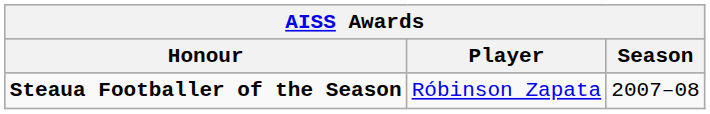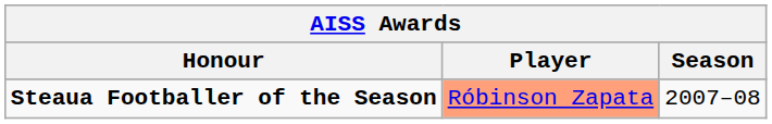 <table class="wikitable" align=center>
 <tr>
 <th Colspan=3><a href='#'>AISS</a> Awards</th>
 </tr>
 <tr>
 <th Align=Left>Honour</th>
 <th Align=Left>Player</th>
 <th Align=Left>Season</th>
 </tr>
 <tr>
 <td valign="top" Rowspan=1 Align=left><strong>Steaua Footballer of the Season</strong></td>
-<td><a href='#'>Róbinson Zapata</a></td>
+<td style="background: lightsalmon;"><a href='#'>Róbinson Zapata</a></td>
 <td class="wikitable" align=center>2007–08</td>
 </tr>
 </table>
